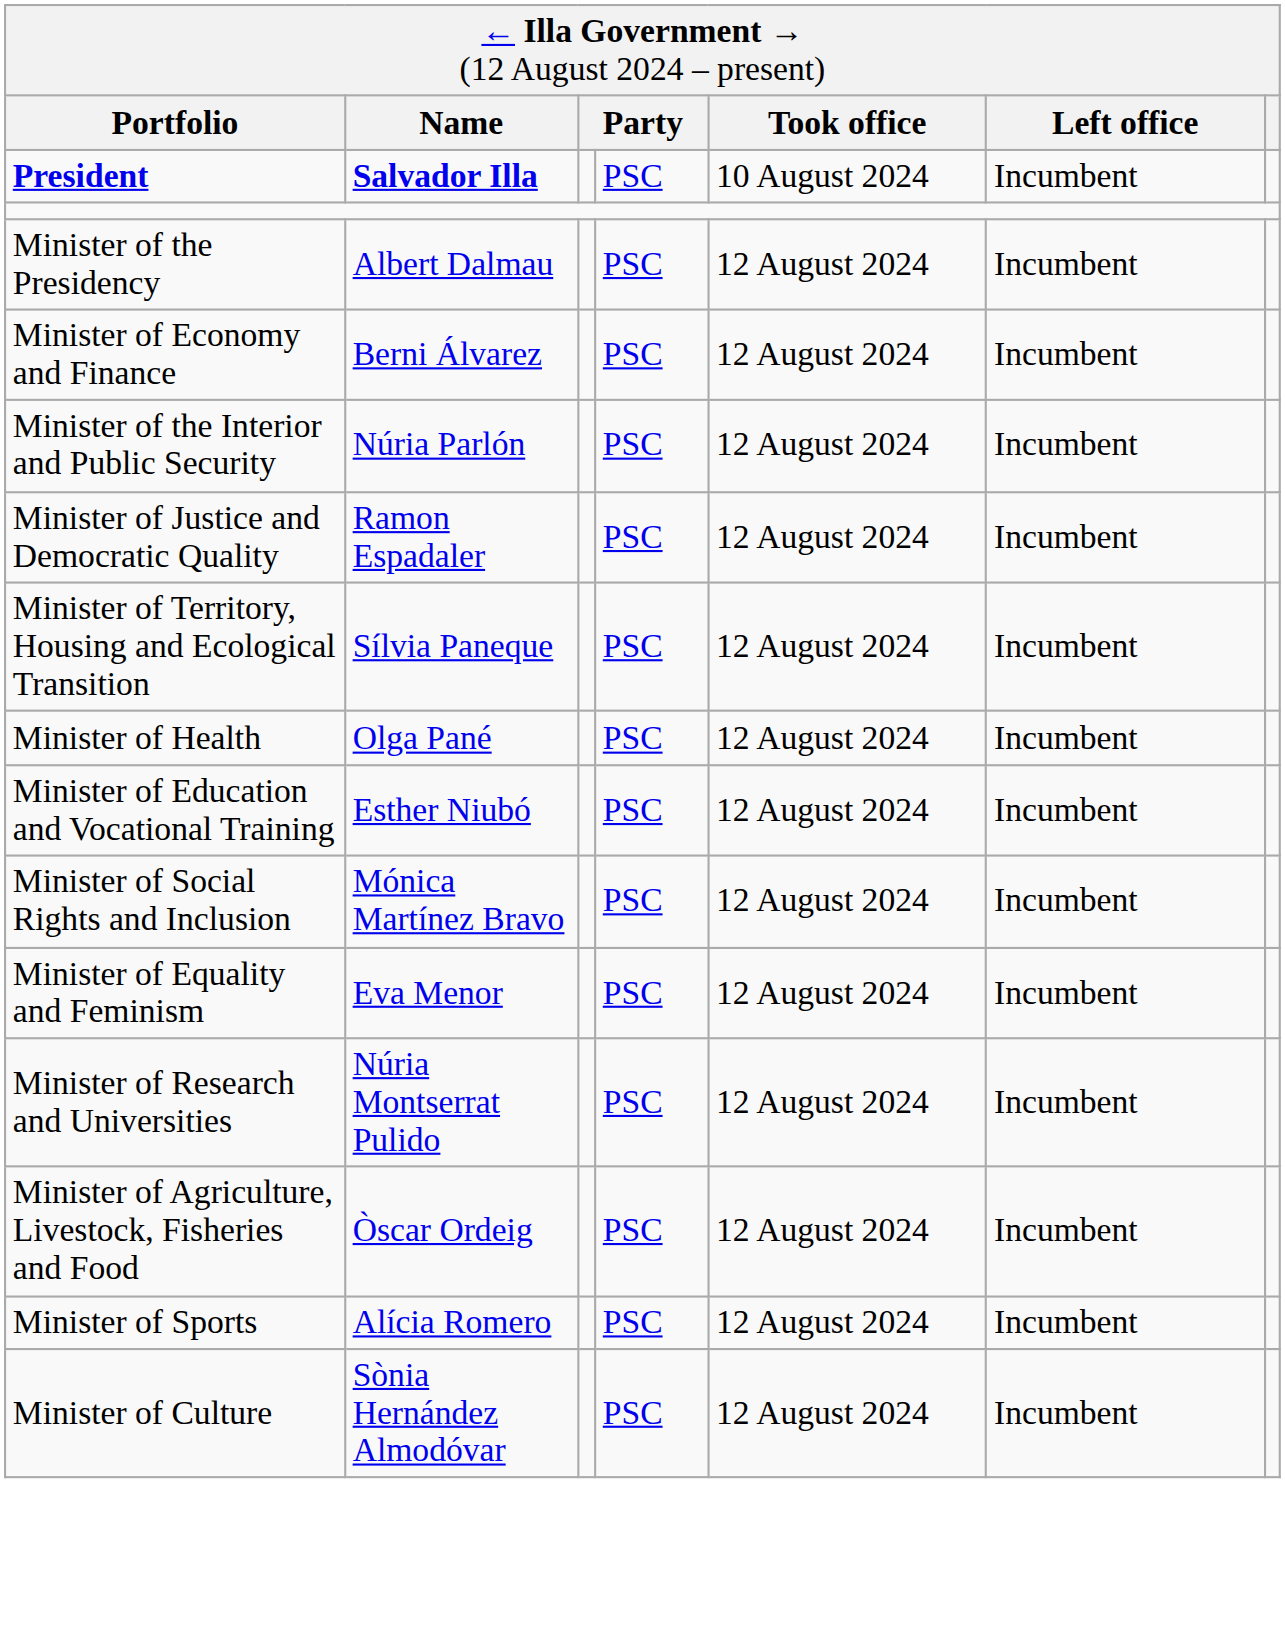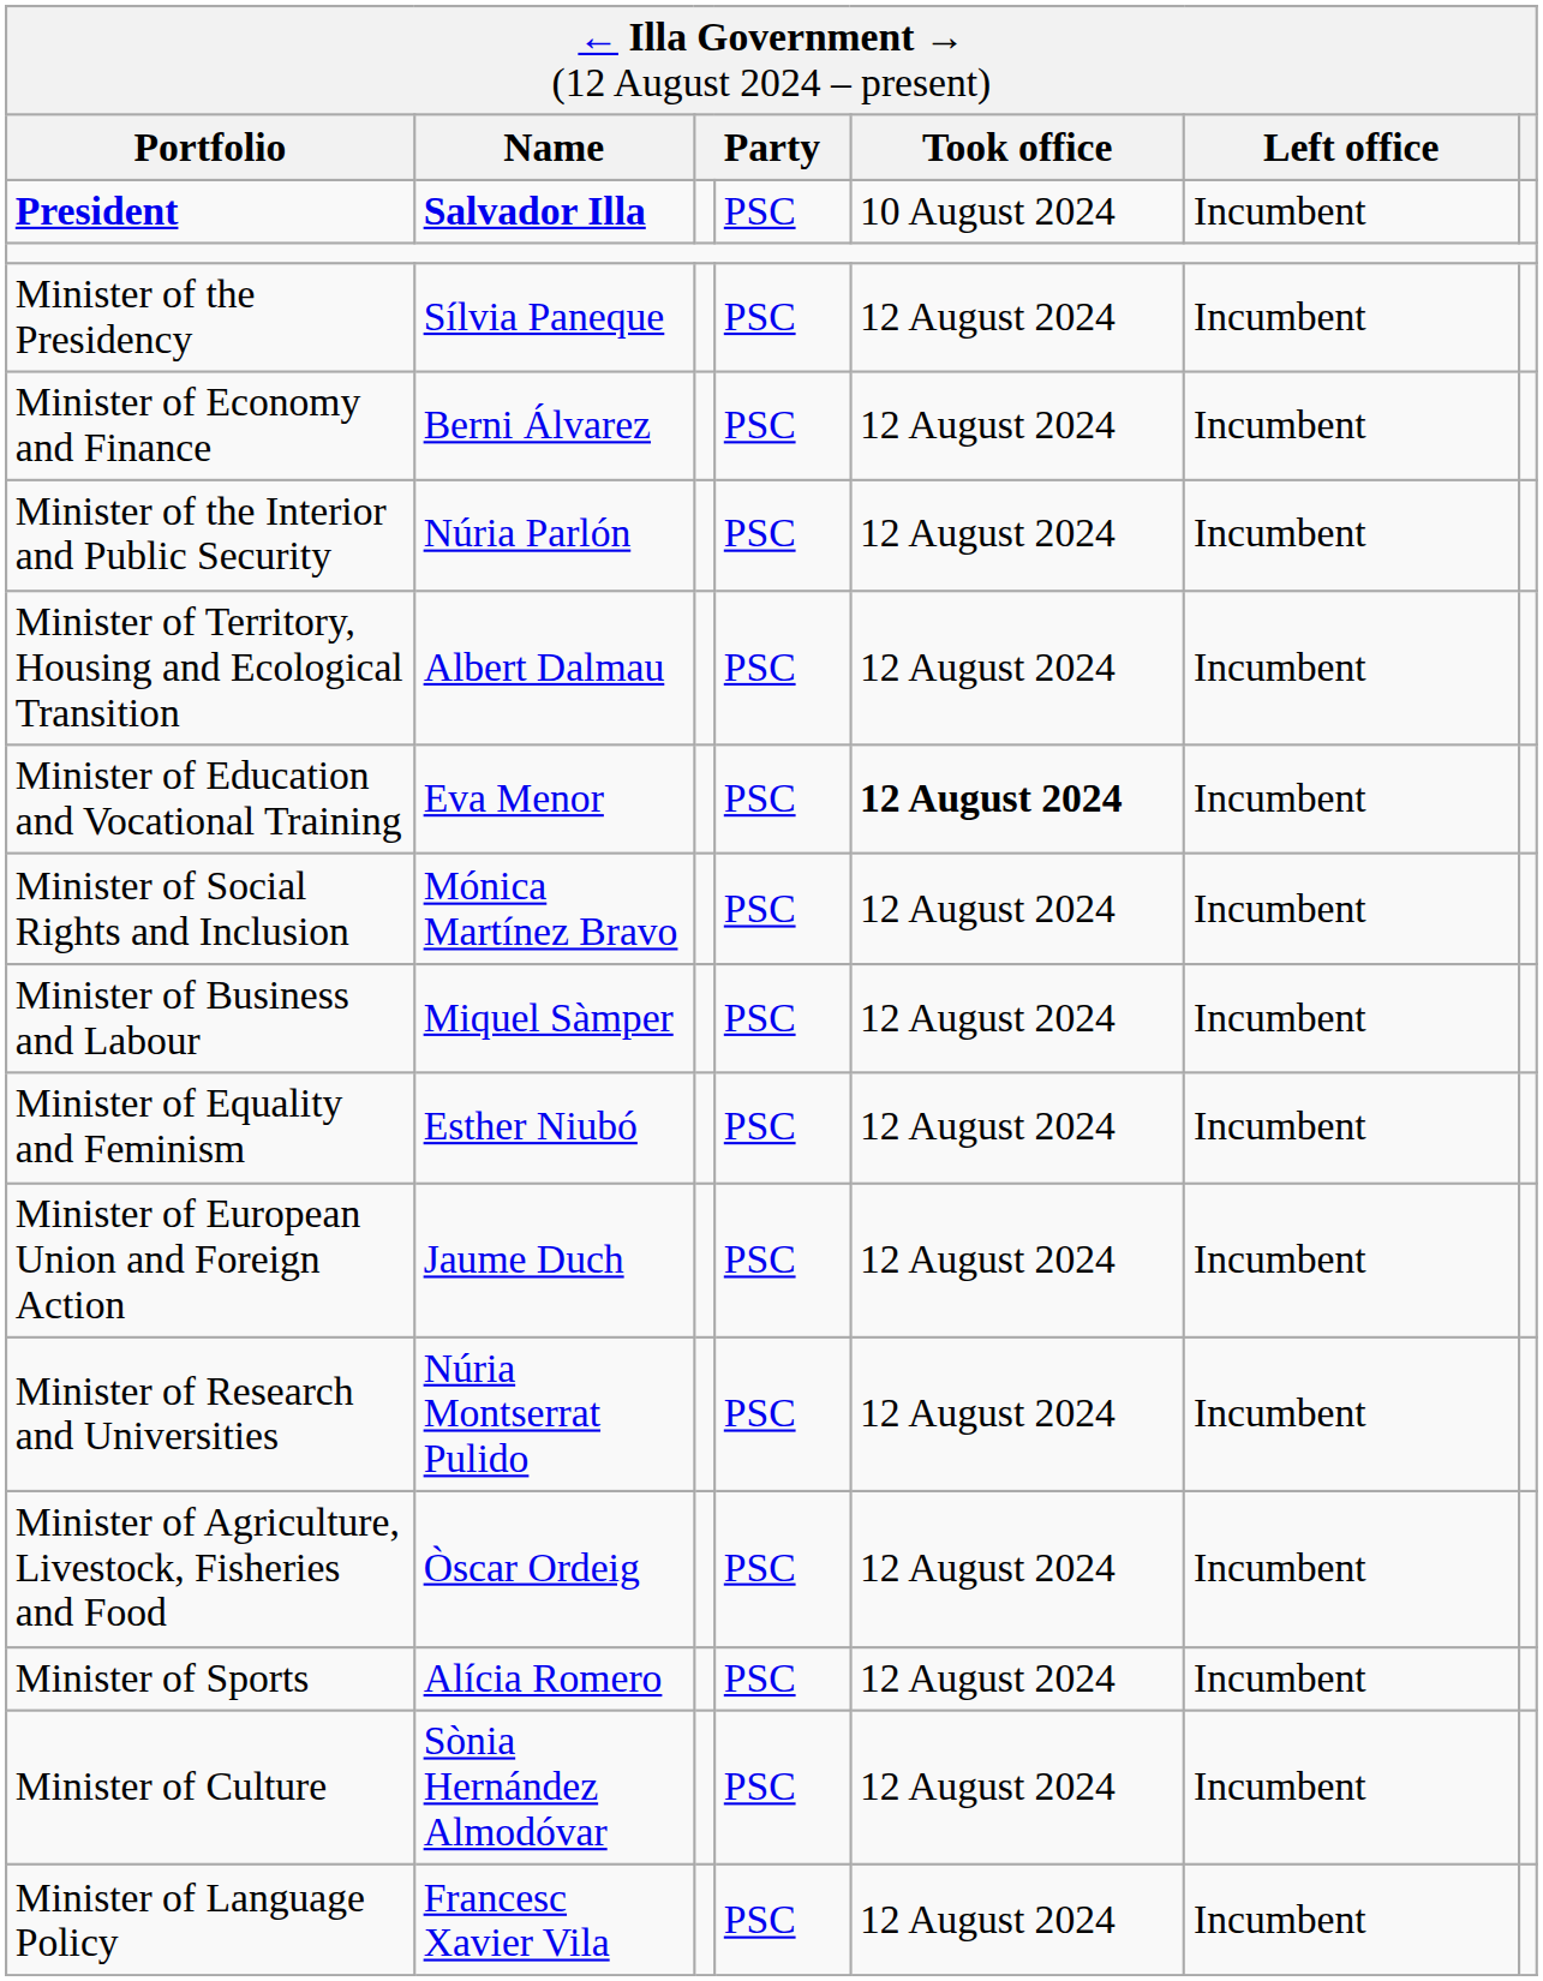 <table class="wikitable">
 <tr>
 <td colspan="7" bgcolor="#F2F2F2" align="center"><a href='#'>←</a> <strong>Illa Government</strong> →<br>(12 August 2024 – present)</td>
 </tr>
 <tr>
 <th>Portfolio</th>
 <th>Name</th>
 <th width="100px" colspan="2">Party</th>
 <th width="125px">Took office</th>
 <th width="125px">Left office</th>
 <th></th>
 </tr>
 <tr>
 <td><strong><a href='#'>President</a></strong></td>
 <td><strong><a href='#'>Salvador Illa</a></strong></td>
 <td width="1" style="background-color:"></td>
 <td><a href='#'>PSC</a></td>
 <td>10 August 2024</td>
 <td>Incumbent</td>
 <td align="center"></td>
 </tr>
 <tr>
 <td colspan="7"></td>
 </tr>
 <tr>
 <td>Minister of the Presidency</td>
-<td><a href='#'>Albert Dalmau</a></td>
+<td><a href='#'>Sílvia Paneque</a></td>
 <td style="background-color:"></td>
 <td><a href='#'>PSC</a></td>
 <td>12 August 2024</td>
 <td>Incumbent</td>
 <td align="center"></td>
 </tr>
 <tr>
 <td>Minister of Economy and Finance</td>
 <td><a href='#'>Berni Álvarez</a></td>
 <td style="background-color:"></td>
 <td><a href='#'>PSC</a></td>
 <td>12 August 2024</td>
 <td>Incumbent</td>
 <td align="center"></td>
 </tr>
 <tr>
 <td>Minister of the Interior and Public Security</td>
 <td><a href='#'>Núria Parlón</a></td>
 <td style="background-color:"></td>
 <td><a href='#'>PSC</a></td>
 <td>12 August 2024</td>
 <td>Incumbent</td>
 <td align="center"></td>
 </tr>
 <tr>
-<td>Minister of Justice and Democratic Quality</td>
-<td><a href='#'>Ramon Espadaler</a></td>
-<td style="background-color:"></td>
-<td><a href='#'>PSC</a> </td>
-<td>12 August 2024</td>
-<td>Incumbent</td>
-<td align="center"></td>
-</tr>
-<tr>
 <td>Minister of Territory, Housing and Ecological Transition</td>
-<td><a href='#'>Sílvia Paneque</a></td>
+<td><a href='#'>Albert Dalmau</a></td>
 <td style="background-color:"></td>
 <td><a href='#'>PSC</a></td>
 <td>12 August 2024</td>
 <td>Incumbent</td>
 <td align="center"></td>
 </tr>
 <tr>
-<td>Minister of Health</td>
-<td><a href='#'>Olga Pané</a></td>
-<td style="background-color:"></td>
-<td><a href='#'>PSC</a> </td>
-<td>12 August 2024</td>
-<td>Incumbent</td>
-<td align="center"></td>
-</tr>
-<tr>
 <td>Minister of Education and Vocational Training</td>
-<td><a href='#'>Esther Niubó</a></td>
+<td><a href='#'>Eva Menor</a></td>
 <td style="background-color:"></td>
 <td><a href='#'>PSC</a></td>
-<td>12 August 2024</td>
+<td><strong>12 August 2024</strong></td>
 <td>Incumbent</td>
 <td align="center"></td>
 </tr>
 <tr>
 <td>Minister of Social Rights and Inclusion</td>
 <td><a href='#'>Mónica Martínez Bravo</a></td>
 <td style="background-color:"></td>
 <td><a href='#'>PSC</a></td>
 <td>12 August 2024</td>
 <td>Incumbent</td>
 <td align="center"></td>
 </tr>
 <tr>
+<td>Minister of Business and Labour</td>
+<td><a href='#'>Miquel Sàmper</a></td>
+<td style="background-color:"></td>
+<td><a href='#'>PSC</a> </td>
+<td>12 August 2024</td>
+<td>Incumbent</td>
+<td align="center"></td>
+</tr>
+<tr>
 <td>Minister of Equality and Feminism</td>
-<td><a href='#'>Eva Menor</a></td>
+<td><a href='#'>Esther Niubó</a></td>
 <td style="background-color:"></td>
 <td><a href='#'>PSC</a></td>
+<td>12 August 2024</td>
+<td>Incumbent</td>
+<td align="center"></td>
+</tr>
+<tr>
+<td>Minister of European Union and Foreign Action</td>
+<td><a href='#'>Jaume Duch</a></td>
+<td style="background-color:"></td>
+<td><a href='#'>PSC</a> </td>
 <td>12 August 2024</td>
 <td>Incumbent</td>
 <td align="center"></td>
 </tr>
 <tr>
 <td>Minister of Research and Universities</td>
 <td><a href='#'>Núria Montserrat Pulido</a></td>
 <td style="background-color:"></td>
 <td><a href='#'>PSC</a> </td>
 <td>12 August 2024</td>
 <td>Incumbent</td>
 <td align="center"></td>
 </tr>
 <tr>
 <td>Minister of Agriculture, Livestock, Fisheries and Food</td>
 <td><a href='#'>Òscar Ordeig</a></td>
 <td style="background-color:"></td>
 <td><a href='#'>PSC</a></td>
 <td>12 August 2024</td>
 <td>Incumbent</td>
 <td align="center"></td>
 </tr>
 <tr>
 <td>Minister of Sports</td>
 <td><a href='#'>Alícia Romero</a></td>
 <td style="background-color:"></td>
 <td><a href='#'>PSC</a></td>
 <td>12 August 2024</td>
 <td>Incumbent</td>
 <td align="center"></td>
 </tr>
 <tr>
 <td>Minister of Culture</td>
 <td><a href='#'>Sònia Hernández Almodóvar</a></td>
 <td style="background-color:"></td>
 <td><a href='#'>PSC</a> </td>
 <td>12 August 2024</td>
 <td>Incumbent</td>
 <td align="center"></td>
 </tr>
+<tr>
+<td>Minister of Language Policy</td>
+<td><a href='#'>Francesc Xavier Vila</a></td>
+<td style="background-color:"></td>
+<td><a href='#'>PSC</a> </td>
+<td>12 August 2024</td>
+<td>Incumbent</td>
+<td align="center"></td>
+</tr>
 </table>
